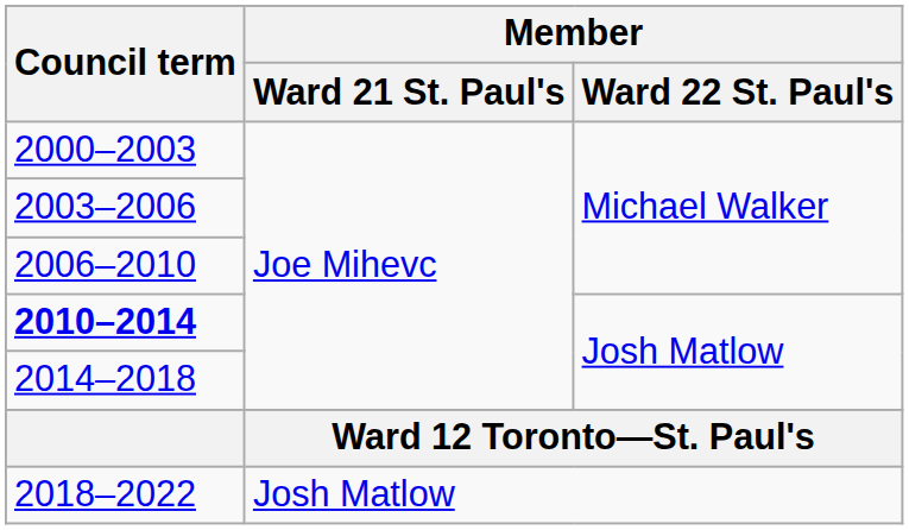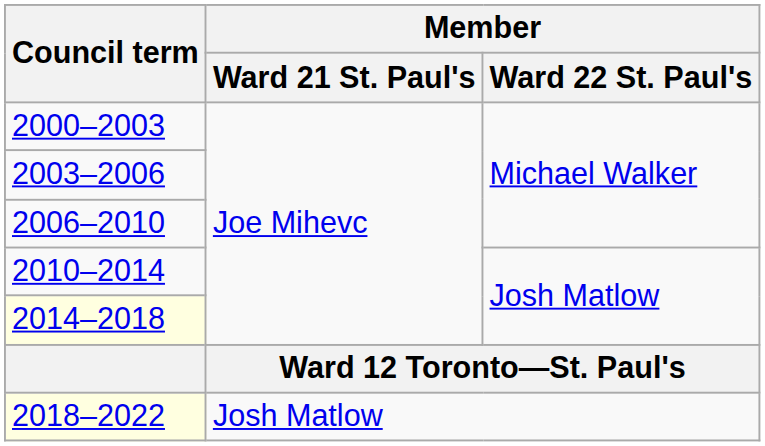 <table class="wikitable">
 <tr>
 <th rowspan="2">Council term</th>
 <th colspan="2">Member</th>
 </tr>
 <tr>
 <th>Ward 21 St. Paul's</th>
 <th>Ward 22 St. Paul's</th>
 </tr>
 <tr>
 <td><a href='#'>2000–2003</a></td>
 <td rowspan="5"><a href='#'>Joe Mihevc</a></td>
 <td rowspan="3"><a href='#'>Michael Walker</a></td>
 </tr>
 <tr>
 <td><a href='#'>2003–2006</a></td>
 </tr>
 <tr>
 <td><a href='#'>2006–2010</a></td>
 </tr>
 <tr>
-<td><strong><a href='#'>2010–2014</a></strong></td>
+<td><a href='#'>2010–2014</a></td>
 <td rowspan="2"><a href='#'>Josh Matlow</a></td>
 </tr>
 <tr>
-<td><a href='#'>2014–2018</a></td>
+<td style="background: lightyellow;"><a href='#'>2014–2018</a></td>
 </tr>
 <tr>
 <th></th>
 <th colspan="2">Ward 12 Toronto—St. Paul's</th>
 </tr>
 <tr>
-<td><a href='#'>2018–2022</a></td>
+<td style="background: lightyellow;"><a href='#'>2018–2022</a></td>
 <td colspan="2"><a href='#'>Josh Matlow</a></td>
 </tr>
 </table>
